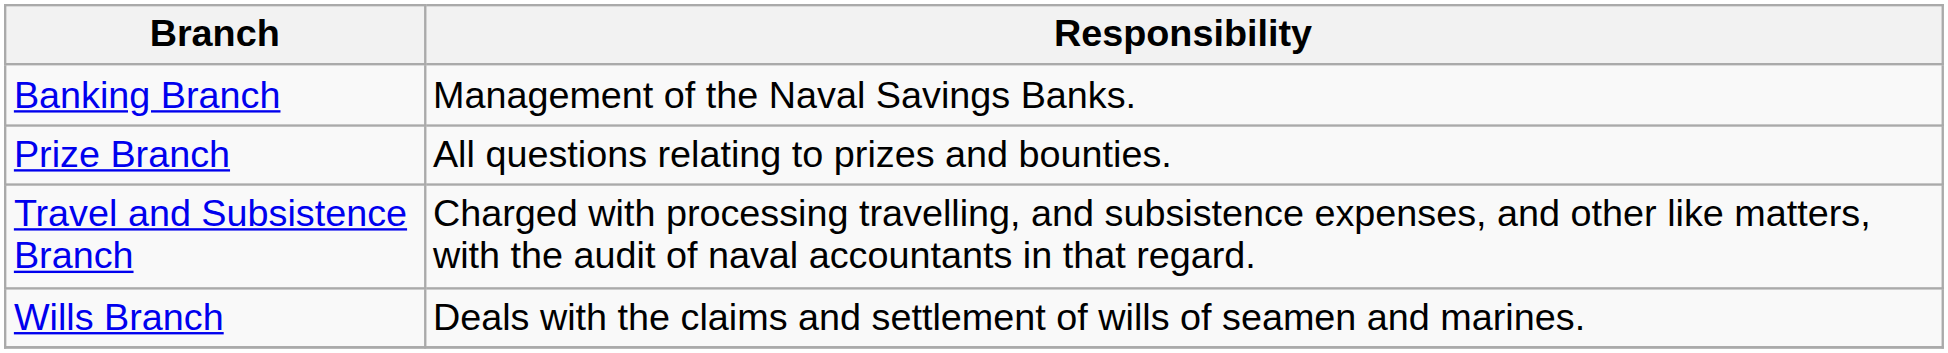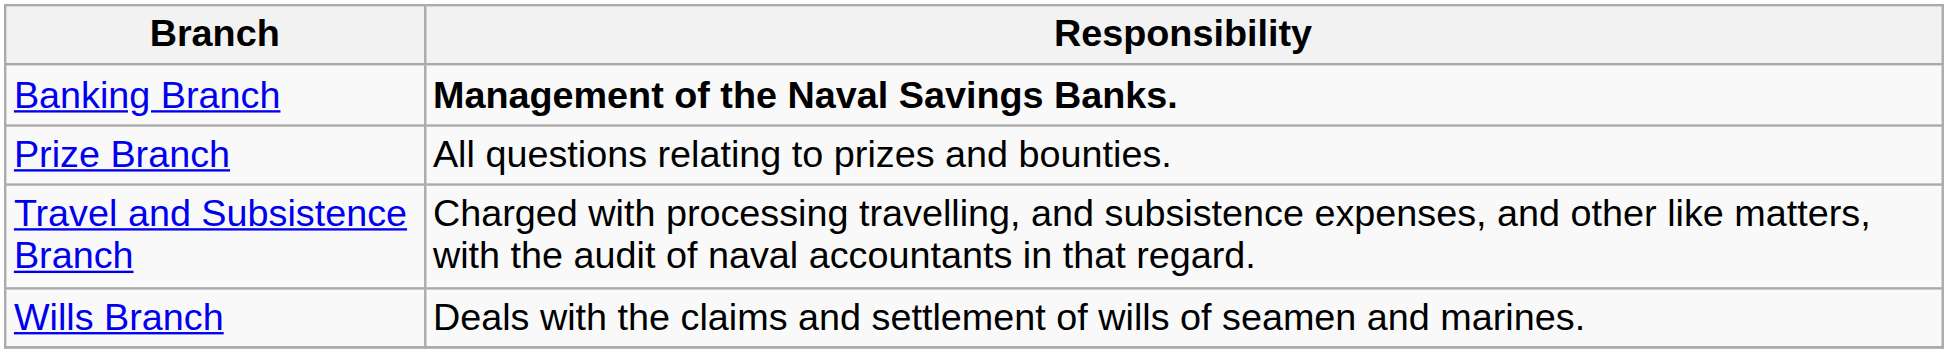 <table class="collapsible wikitable collapsed" style="width: 65%">
 <tr>
 <th>Branch</th>
 <th>Responsibility</th>
 </tr>
 <tr>
 <td><a href='#'>Banking Branch</a></td>
-<td>Management of the Naval Savings Banks.</td>
+<td><strong>Management of the Naval Savings Banks.</strong></td>
 </tr>
 <tr>
 <td><a href='#'>Prize Branch</a></td>
 <td>All questions relating to prizes and bounties.</td>
 </tr>
 <tr>
 <td><a href='#'>Travel and Subsistence Branch</a></td>
 <td>Charged with processing travelling, and subsistence expenses, and other like matters, with the audit of naval accountants in that regard.</td>
 </tr>
 <tr>
 <td><a href='#'>Wills Branch</a></td>
 <td>Deals with the claims and settlement of wills of seamen and marines.</td>
 </tr>
 <tr>
 </tr>
 </table>
